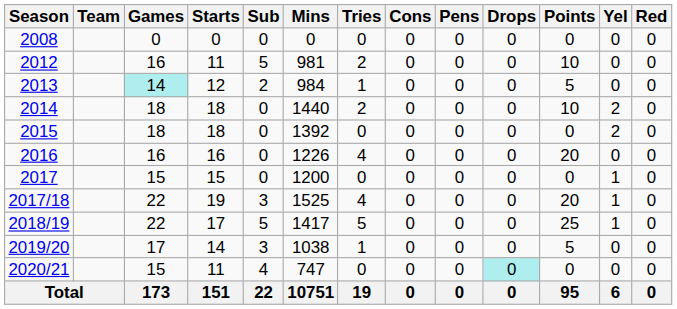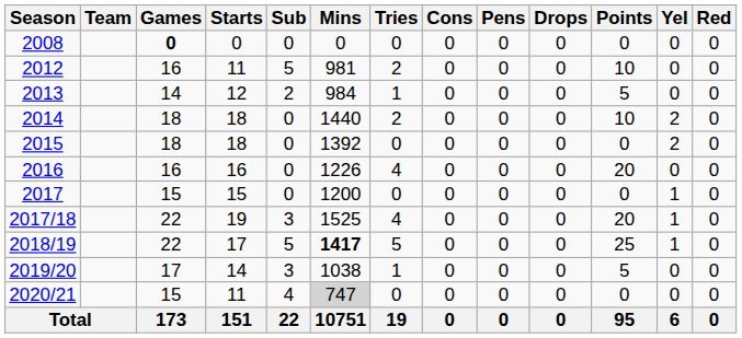 <table class="wikitable" style="text-align:center; line-height:90%; font-size:95%; width:60%;">
 <tr>
 <th>Season</th>
 <th>Team</th>
 <th>Games</th>
 <th>Starts</th>
 <th>Sub</th>
 <th>Mins</th>
 <th>Tries</th>
 <th>Cons</th>
 <th>Pens</th>
 <th>Drops</th>
 <th>Points</th>
 <th>Yel</th>
 <th>Red</th>
 </tr>
 <tr>
 <td><a href='#'>2008</a></td>
 <td></td>
-<td>0</td>
+<td><strong>0</strong></td>
 <td>0</td>
 <td>0</td>
 <td>0</td>
 <td>0</td>
 <td>0</td>
 <td>0</td>
 <td>0</td>
 <td>0</td>
 <td>0</td>
 <td>0</td>
 </tr>
 <tr>
 <td><a href='#'>2012</a></td>
 <td></td>
 <td>16</td>
 <td>11</td>
 <td>5</td>
 <td>981</td>
 <td>2</td>
 <td>0</td>
 <td>0</td>
 <td>0</td>
 <td>10</td>
 <td>0</td>
 <td>0</td>
 </tr>
 <tr>
 <td><a href='#'>2013</a></td>
 <td></td>
-<td style="background: paleturquoise;">14</td>
+<td>14</td>
 <td>12</td>
 <td>2</td>
 <td>984</td>
 <td>1</td>
 <td>0</td>
 <td>0</td>
 <td>0</td>
 <td>5</td>
 <td>0</td>
 <td>0</td>
 </tr>
 <tr>
 <td><a href='#'>2014</a></td>
 <td></td>
 <td>18</td>
 <td>18</td>
 <td>0</td>
 <td>1440</td>
 <td>2</td>
 <td>0</td>
 <td>0</td>
 <td>0</td>
 <td>10</td>
 <td>2</td>
 <td>0</td>
 </tr>
 <tr>
 <td><a href='#'>2015</a></td>
 <td></td>
 <td>18</td>
 <td>18</td>
 <td>0</td>
 <td>1392</td>
 <td>0</td>
 <td>0</td>
 <td>0</td>
 <td>0</td>
 <td>0</td>
 <td>2</td>
 <td>0</td>
 </tr>
 <tr>
 <td><a href='#'>2016</a></td>
 <td></td>
 <td>16</td>
 <td>16</td>
 <td>0</td>
 <td>1226</td>
 <td>4</td>
 <td>0</td>
 <td>0</td>
 <td>0</td>
 <td>20</td>
 <td>0</td>
 <td>0</td>
 </tr>
 <tr>
 <td><a href='#'>2017</a></td>
 <td></td>
 <td>15</td>
 <td>15</td>
 <td>0</td>
 <td>1200</td>
 <td>0</td>
 <td>0</td>
 <td>0</td>
 <td>0</td>
 <td>0</td>
 <td>1</td>
 <td>0</td>
 </tr>
 <tr>
 <td><a href='#'>2017/18</a></td>
 <td></td>
 <td>22</td>
 <td>19</td>
 <td>3</td>
 <td>1525</td>
 <td>4</td>
 <td>0</td>
 <td>0</td>
 <td>0</td>
 <td>20</td>
 <td>1</td>
 <td>0</td>
 </tr>
 <tr>
 <td><a href='#'>2018/19</a></td>
 <td></td>
 <td>22</td>
 <td>17</td>
 <td>5</td>
-<td>1417</td>
+<td><strong>1417</strong></td>
 <td>5</td>
 <td>0</td>
 <td>0</td>
 <td>0</td>
 <td>25</td>
 <td>1</td>
 <td>0</td>
 </tr>
 <tr>
 <td><a href='#'>2019/20</a></td>
 <td></td>
 <td>17</td>
 <td>14</td>
 <td>3</td>
 <td>1038</td>
 <td>1</td>
 <td>0</td>
 <td>0</td>
 <td>0</td>
 <td>5</td>
 <td>0</td>
 <td>0</td>
 </tr>
 <tr>
 <td><a href='#'>2020/21</a></td>
 <td></td>
 <td>15</td>
 <td>11</td>
 <td>4</td>
-<td>747</td>
+<td style="background: lightgrey;">747</td>
 <td>0</td>
 <td>0</td>
 <td>0</td>
-<td style="background: paleturquoise;">0</td>
+<td>0</td>
 <td>0</td>
 <td>0</td>
 <td>0</td>
 </tr>
 <tr>
 <th colspan="2">Total</th>
 <th><strong>173</strong></th>
 <th><strong>151</strong></th>
 <th><strong>22</strong></th>
 <th><strong>10751</strong></th>
 <th><strong>19</strong></th>
 <th><strong>0</strong></th>
 <th><strong>0</strong></th>
 <th><strong>0</strong></th>
 <th><strong>95</strong></th>
 <th><strong>6</strong></th>
 <th><strong>0</strong></th>
 </tr>
 </table>
